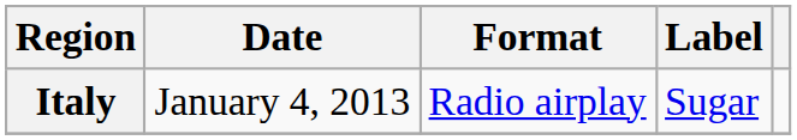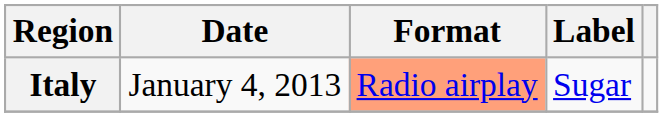 <table class="wikitable plainrowheaders">
 <tr>
 <th scope="col">Region</th>
 <th scope="col">Date</th>
 <th scope="col">Format</th>
 <th scope="col">Label</th>
 <th scope="col"></th>
 </tr>
 <tr>
 <th scope="row">Italy</th>
 <td>January 4, 2013</td>
-<td><a href='#'>Radio airplay</a></td>
+<td style="background: lightsalmon;"><a href='#'>Radio airplay</a></td>
 <td><a href='#'>Sugar</a></td>
 <td align="center"></td>
 </tr>
 <tr>
 </tr>
 </table>
